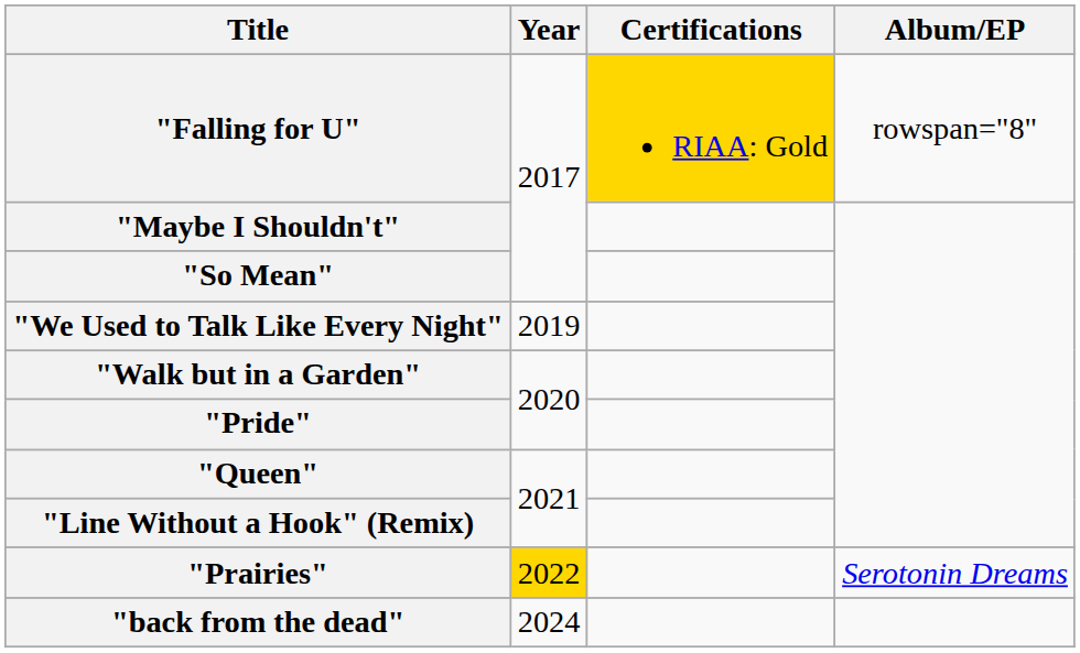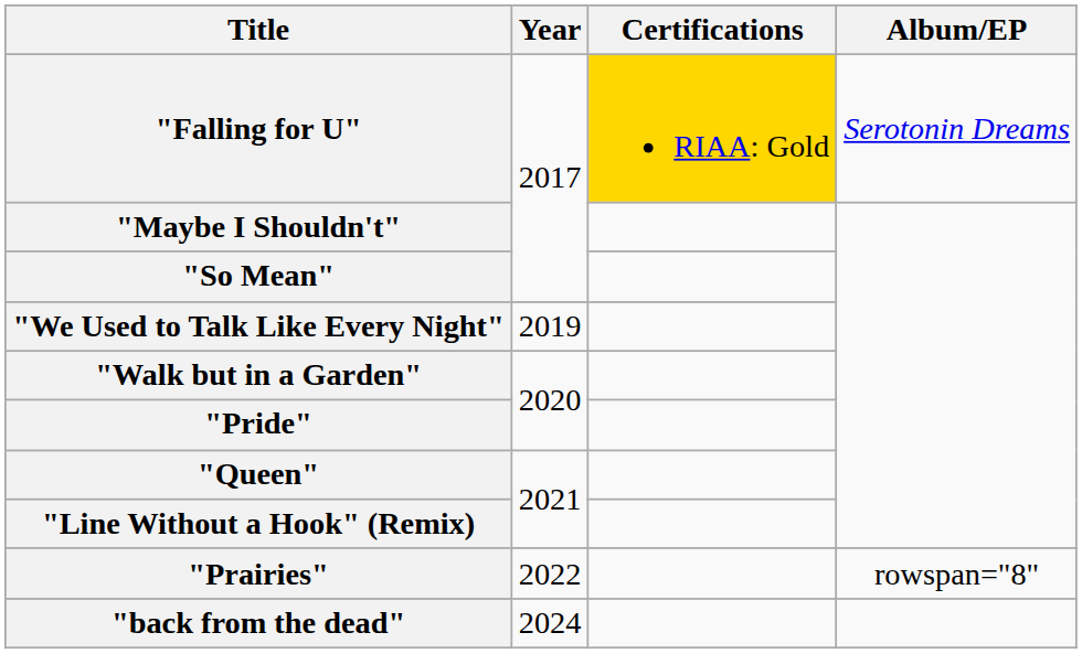 <table class="wikitable plainrowheaders" style="text-align:center;">
 <tr>
 <th scope="col">Title</th>
 <th scope="col">Year</th>
 <th scope="col">Certifications</th>
 <th scope="col">Album/EP</th>
 </tr>
 <tr>
 <th scope="row">"Falling for U"<br></th>
 <td rowspan="3">2017</td>
 <td style="background: gold;"><br><ul><li><a href='#'>RIAA</a>: Gold</li></ul></td>
-<td>rowspan="8" </td>
+<td><em><a href='#'>Serotonin Dreams</a></em></td>
 </tr>
 <tr>
 <th scope="row">"Maybe I Shouldn't"<br></th>
 <td></td>
 </tr>
 <tr>
 <th scope="row">"So Mean"<br></th>
 <td></td>
 </tr>
 <tr>
 <th scope="row">"We Used to Talk Like Every Night"<br></th>
 <td>2019</td>
 <td></td>
 </tr>
 <tr>
 <th scope="row">"Walk but in a Garden"<br></th>
 <td rowspan="2">2020</td>
 <td></td>
 </tr>
 <tr>
 <th scope="row">"Pride"<br></th>
 <td></td>
 </tr>
 <tr>
 <th scope="row">"Queen"<br></th>
 <td rowspan="2">2021</td>
 <td></td>
 </tr>
 <tr>
 <th scope="row">"Line Without a Hook" (Remix)<br></th>
 <td></td>
 </tr>
 <tr>
 <th scope="row">"Prairies"<br></th>
-<td style="background: gold;">2022</td>
+<td>2022</td>
 <td></td>
-<td><em><a href='#'>Serotonin Dreams</a></em></td>
+<td>rowspan="8" </td>
 </tr>
 <tr>
 <th scope="row">"back from the dead"<br></th>
 <td>2024</td>
 <td></td>
 <td></td>
 </tr>
 </table>
